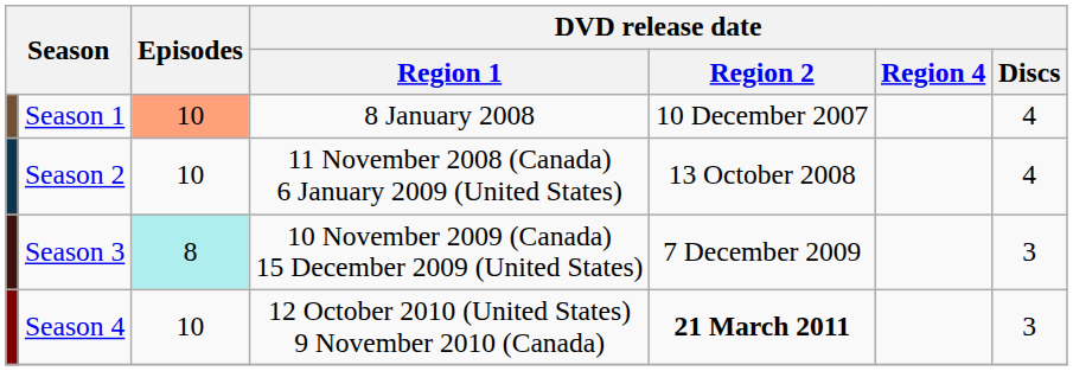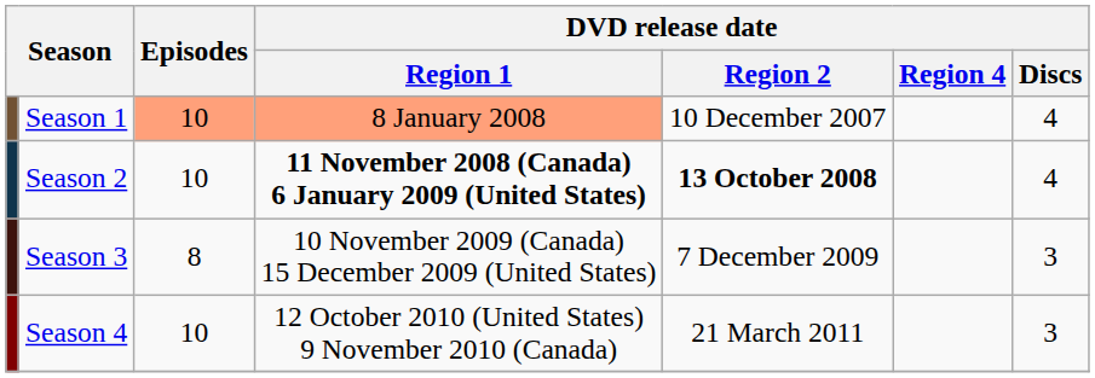 <table class="wikitable" |->
 <tr>
 <th colspan="2" rowspan="2" align="center">Season</th>
 <th align="center" rowspan="2">Episodes</th>
 <th colspan="4" align="center">DVD release date</th>
 </tr>
 <tr>
 <th><a href='#'>Region 1</a></th>
 <th><a href='#'>Region 2</a></th>
 <th><a href='#'>Region 4</a></th>
 <th>Discs</th>
 </tr>
 <tr>
 <td bgcolor="#715234" height="10px"></td>
 <td align="center"><a href='#'>Season 1</a></td>
 <td align="center" style="background: lightsalmon;">10</td>
-<td align="center">8 January 2008</td>
+<td align="center" style="background: lightsalmon;">8 January 2008</td>
 <td align="center">10 December 2007</td>
 <td align="center"></td>
 <td align="center">4</td>
 </tr>
 <tr>
 <td bgcolor="#0F354D" height="10px"></td>
 <td align="center"><a href='#'>Season 2</a></td>
 <td align="center">10</td>
-<td align="center">11 November 2008 (Canada) <br> 6 January 2009 (United States)</td>
-<td align="center">13 October 2008</td>
+<td align="center"><strong>11 November 2008 (Canada) <br> 6 January 2009 (United States)</strong></td>
+<td align="center"><strong>13 October 2008</strong></td>
 <td align="center"></td>
 <td align="center">4</td>
 </tr>
 <tr>
 <td bgcolor="#3D130D" height="10px"></td>
 <td align="center"><a href='#'>Season 3</a></td>
-<td align="center" style="background: paleturquoise;">8</td>
+<td align="center">8</td>
 <td align="center">10 November 2009 (Canada)<br>15 December 2009 (United States)</td>
 <td align="center">7 December 2009</td>
 <td align="center"></td>
 <td align="center">3</td>
 </tr>
 <tr>
 <td bgcolor="#800001" height="10px"></td>
 <td align="center"><a href='#'>Season 4</a></td>
 <td align="center">10</td>
 <td align="center">12 October 2010 (United States)<br>9 November 2010 (Canada)</td>
-<td align="center"><strong>21 March 2011</strong></td>
+<td align="center">21 March 2011</td>
 <td align="center"></td>
 <td align="center">3</td>
 </tr>
 <tr>
 </tr>
 </table>
